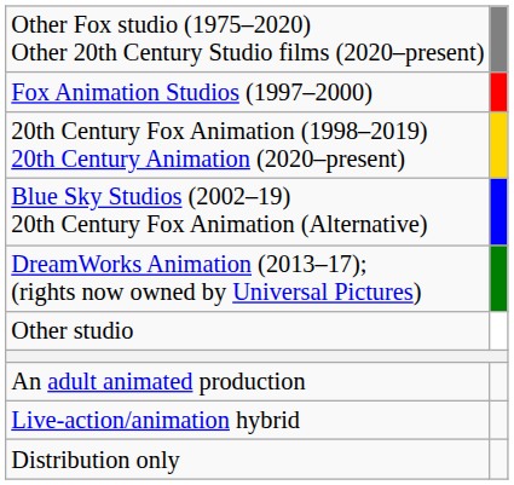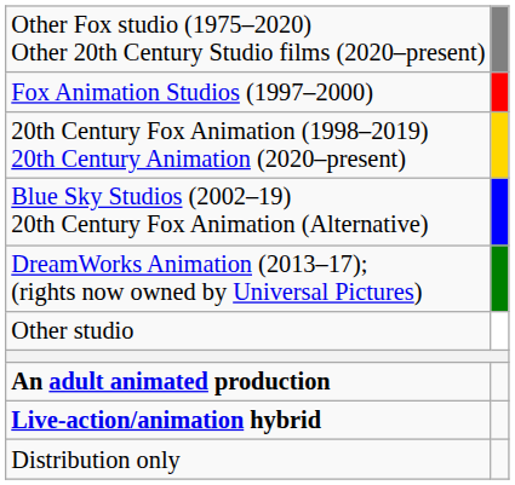 <table class="wikitable" style="float:left;">
 <tr>
 <td>Other Fox studio (1975–2020)<br>Other 20th Century Studio films (2020–present)</td>
 <td style="background:gray; "> </td>
 </tr>
 <tr>
 <td><a href='#'>Fox Animation Studios</a> (1997–2000)</td>
 <td style="background:red; "> </td>
 </tr>
 <tr>
 <td>20th Century Fox Animation (1998–2019)<br><a href='#'>20th Century Animation</a> (2020–present)</td>
 <td style="background:gold; "> </td>
 </tr>
 <tr>
 <td><a href='#'>Blue Sky Studios</a> (2002–19)<br>20th Century Fox Animation (Alternative)</td>
 <td style="background:blue; "> </td>
 </tr>
 <tr>
 <td><a href='#'>DreamWorks Animation</a> (2013–17);<br>(rights now owned by <a href='#'>Universal Pictures</a>)</td>
 <td style="background:green; "> </td>
 </tr>
 <tr>
 <td>Other studio</td>
 <td style="background:white; "> </td>
 </tr>
 <tr>
 <th colspan="3"></th>
 </tr>
 <tr>
-<td>An <a href='#'>adult animated</a> production</td>
+<td><strong>An <a href='#'>adult animated</a> production</strong></td>
 <td></td>
 </tr>
 <tr>
-<td><a href='#'>Live-action/animation</a> hybrid</td>
+<td><strong><a href='#'>Live-action/animation</a> hybrid</strong></td>
 <td></td>
 </tr>
 <tr>
 <td>Distribution only</td>
 <td></td>
 </tr>
 </table>
